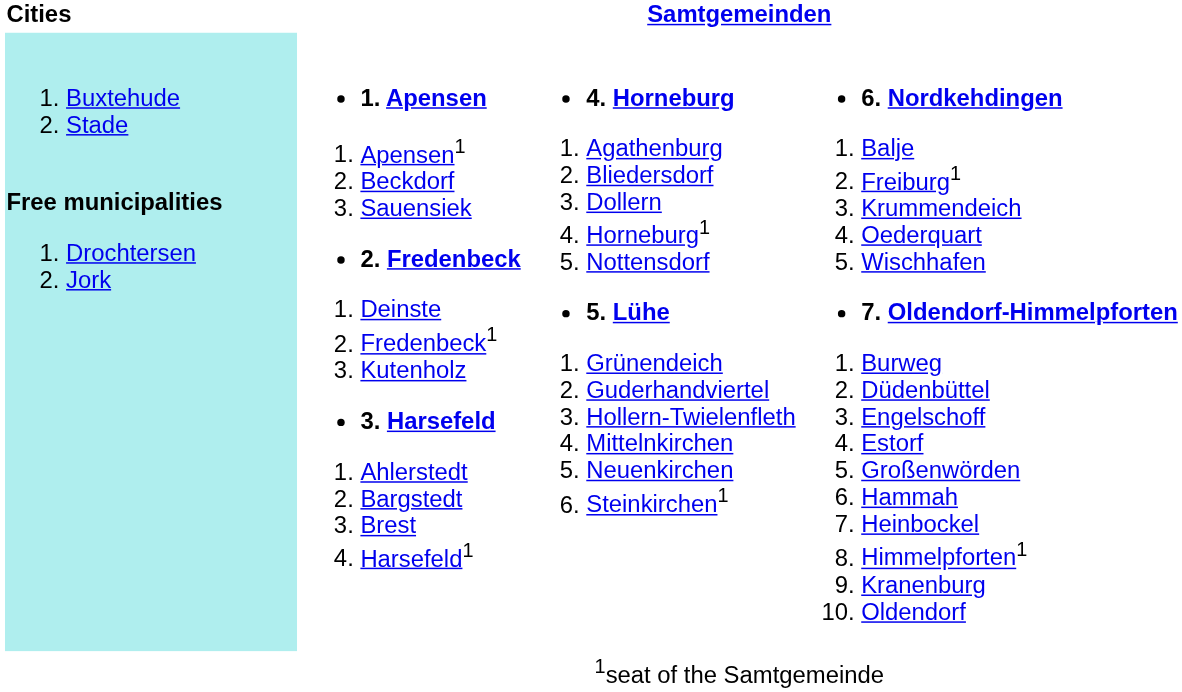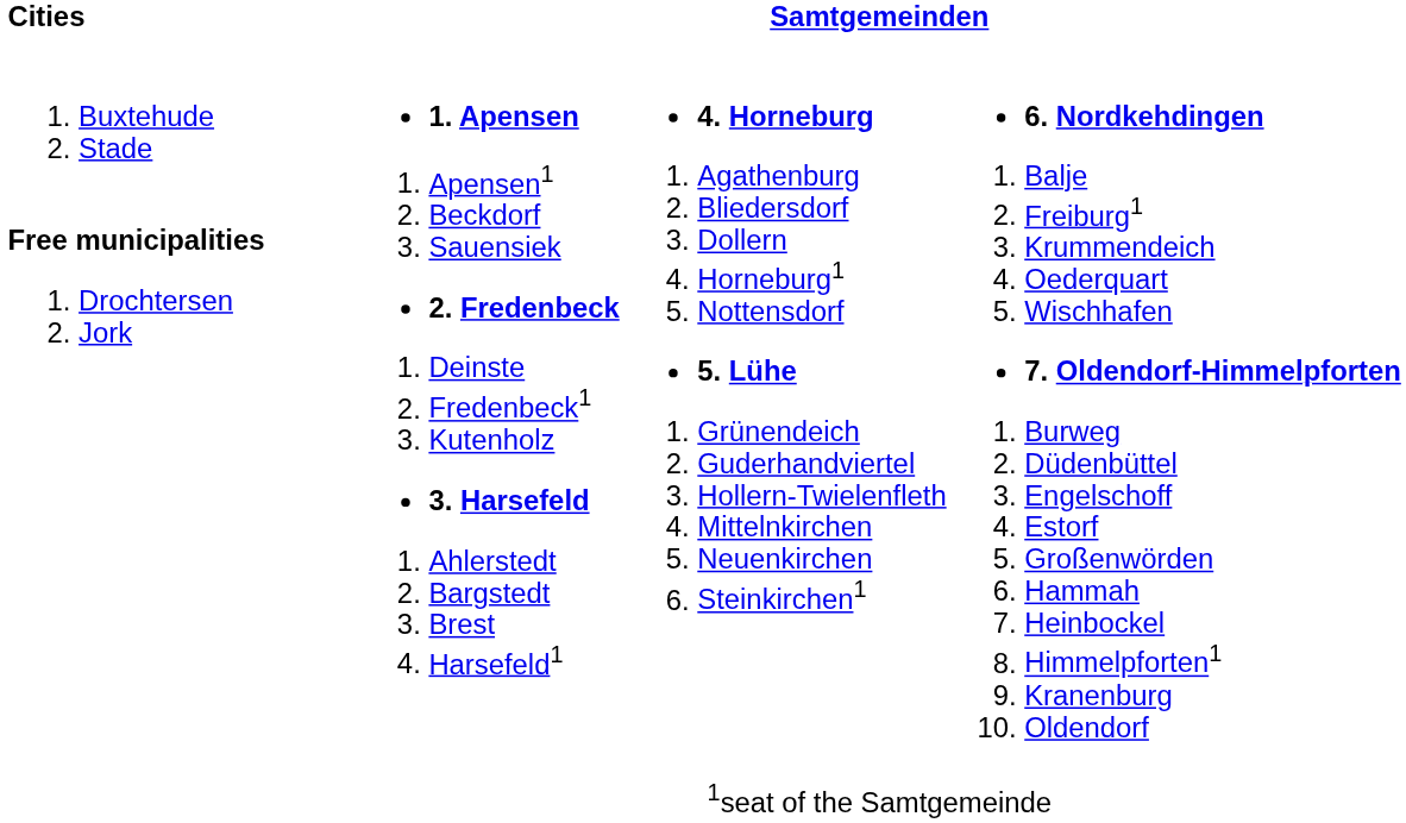 <table>
 <tr>
 <th align=left width=25%>Cities</th>
 <th colspan=3 align=center width=75%><a href='#'>Samtgemeinden</a></th>
 </tr>
 <tr valign=top>
-<td style="background: paleturquoise;"><br><ol><li><a href='#'>Buxtehude</a></li><li><a href='#'>Stade</a></li></ol><br> <strong>Free municipalities</strong><ol><li><a href='#'>Drochtersen</a></li><li><a href='#'>Jork</a></li></ol></td>
+<td><br><ol><li><a href='#'>Buxtehude</a></li><li><a href='#'>Stade</a></li></ol><br> <strong>Free municipalities</strong><ol><li><a href='#'>Drochtersen</a></li><li><a href='#'>Jork</a></li></ol></td>
 <td><br><ul><li><strong>1. <a href='#'>Apensen</a></strong></li></ul><ol><li><a href='#'>Apensen</a><sup>1</sup></li><li><a href='#'>Beckdorf</a></li><li><a href='#'>Sauensiek</a></li></ol><ul><li><strong>2. <a href='#'>Fredenbeck</a></strong></li></ul><ol><li><a href='#'>Deinste</a></li><li><a href='#'>Fredenbeck</a><sup>1</sup></li><li><a href='#'>Kutenholz</a></li></ol><ul><li><strong>3. <a href='#'>Harsefeld</a></strong></li></ul><ol><li><a href='#'>Ahlerstedt</a></li><li><a href='#'>Bargstedt</a></li><li><a href='#'>Brest</a></li><li><a href='#'>Harsefeld</a><sup>1</sup></li></ol></td>
 <td><br><ul><li><strong>4. <a href='#'>Horneburg</a></strong></li></ul><ol><li><a href='#'>Agathenburg</a></li><li><a href='#'>Bliedersdorf</a></li><li><a href='#'>Dollern</a></li><li><a href='#'>Horneburg</a><sup>1</sup></li><li><a href='#'>Nottensdorf</a></li></ol><ul><li><strong>5. <a href='#'>Lühe</a></strong></li></ul><ol><li><a href='#'>Grünendeich</a></li><li><a href='#'>Guderhandviertel</a></li><li><a href='#'>Hollern-Twielenfleth</a></li><li><a href='#'>Mittelnkirchen</a></li><li><a href='#'>Neuenkirchen</a></li><li><a href='#'>Steinkirchen</a><sup>1</sup></li></ol></td>
 <td><br><ul><li><strong>6. <a href='#'>Nordkehdingen</a></strong></li></ul><ol><li><a href='#'>Balje</a></li><li><a href='#'>Freiburg</a><sup>1</sup></li><li><a href='#'>Krummendeich</a></li><li><a href='#'>Oederquart</a></li><li><a href='#'>Wischhafen</a></li></ol><ul><li><strong>7. <a href='#'>Oldendorf-Himmelpforten</a></strong></li></ul><ol><li><a href='#'>Burweg</a></li><li><a href='#'>Düdenbüttel</a></li><li><a href='#'>Engelschoff</a></li><li><a href='#'>Estorf</a></li><li><a href='#'>Großenwörden</a></li><li><a href='#'>Hammah</a></li><li><a href='#'>Heinbockel</a></li><li><a href='#'>Himmelpforten</a><sup>1</sup></li><li><a href='#'>Kranenburg</a></li><li><a href='#'>Oldendorf</a></li></ol></td>
 </tr>
 <tr>
 <td></td>
 <td colspan=3 align=center><sup>1</sup>seat of the Samtgemeinde</td>
 </tr>
 </table>
